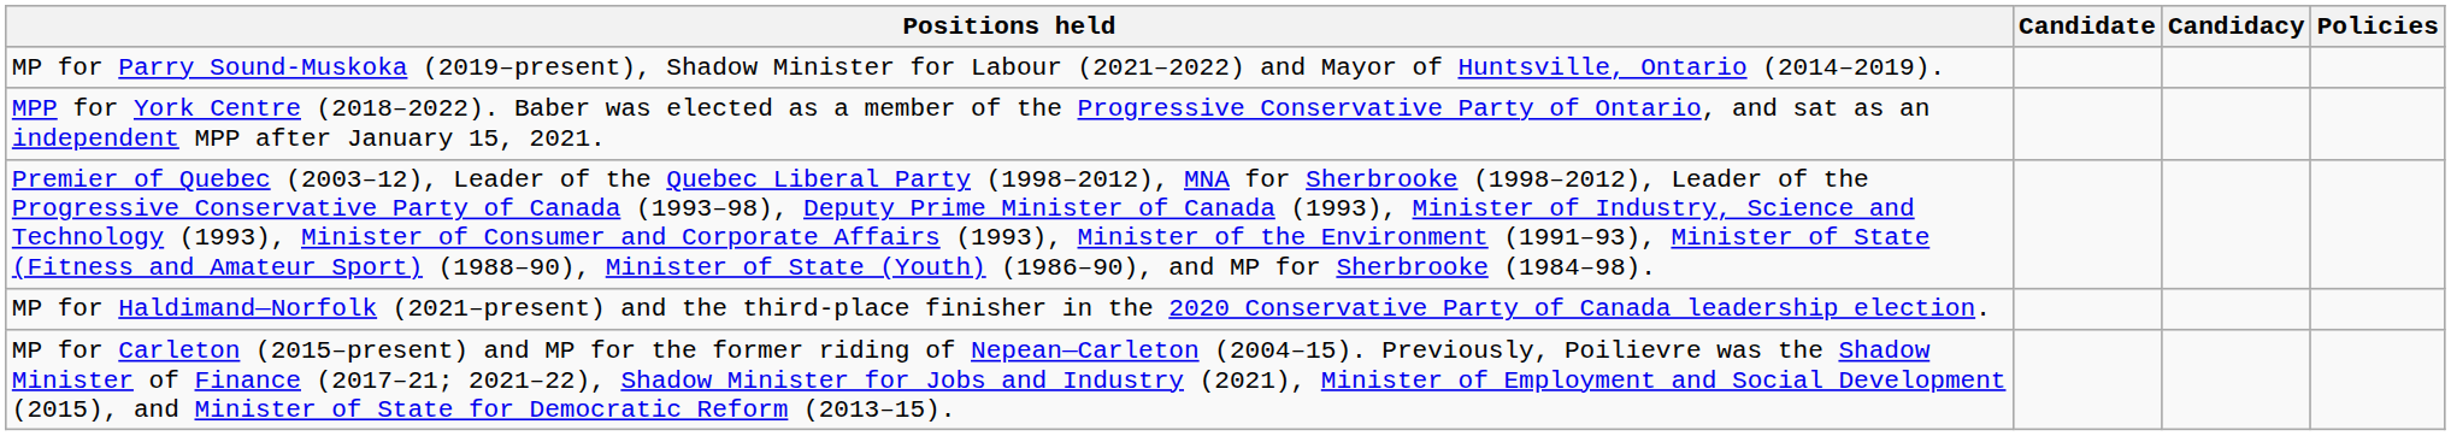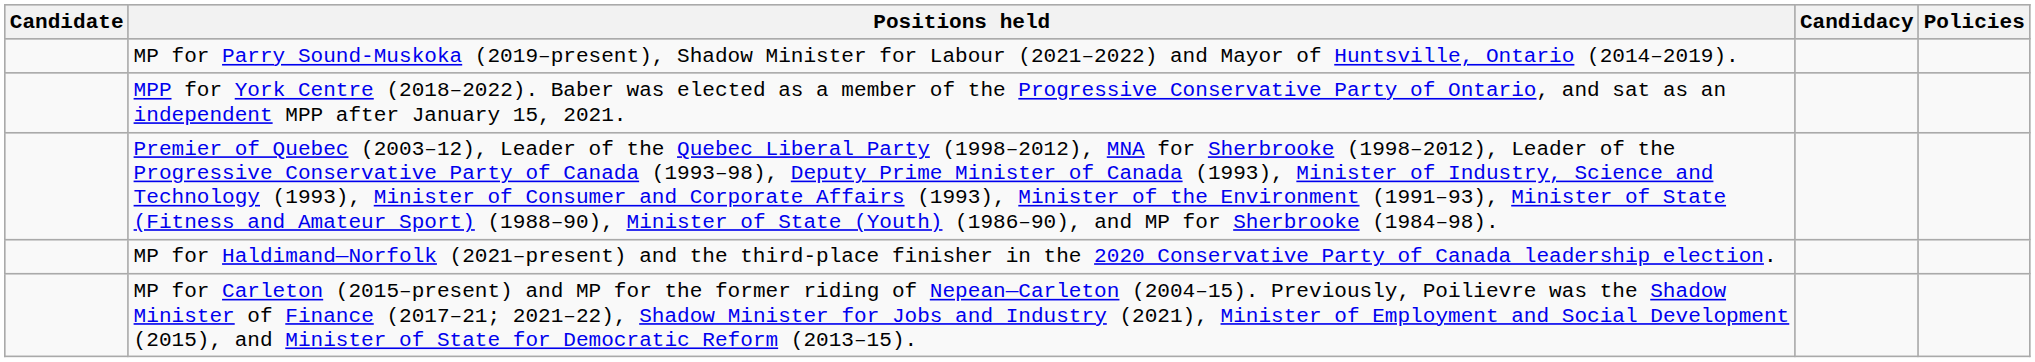 <table class="wikitable">
 <tr>
+<th>Candidate</th>
 <th>Positions held</th>
-<th>Candidate</th>
 <th>Candidacy</th>
 <th>Policies</th>
 </tr>
 <tr valign="top">
+<td><br><strong></strong></td>
 <td>MP for <a href='#'>Parry Sound-Muskoka</a> (2019–present), Shadow Minister for Labour (2021–2022) and Mayor of <a href='#'>Huntsville, Ontario</a> (2014–2019).</td>
-<td><br><strong></strong></td>
 <td><br></td>
 <td><br></td>
 </tr>
 <tr valign="top">
+<td><br><strong></strong></td>
 <td><a href='#'>MPP</a> for <a href='#'>York Centre</a> (2018–2022). Baber was elected as a member of the <a href='#'>Progressive Conservative Party of Ontario</a>, and sat as an <a href='#'>independent</a> MPP after January 15, 2021.</td>
-<td><br><strong></strong></td>
 <td><br></td>
 <td><br></td>
 </tr>
 <tr valign="top">
+<td><br><strong></strong></td>
 <td><a href='#'>Premier of Quebec</a> (2003–12), Leader of the <a href='#'>Quebec Liberal Party</a> (1998–2012), <a href='#'>MNA</a> for <a href='#'>Sherbrooke</a> (1998–2012), Leader of the <a href='#'>Progressive Conservative Party of Canada</a> (1993–98), <a href='#'>Deputy Prime Minister of Canada</a> (1993), <a href='#'>Minister of Industry, Science and Technology</a> (1993), <a href='#'>Minister of Consumer and Corporate Affairs</a> (1993), <a href='#'>Minister of the Environment</a> (1991–93), <a href='#'>Minister of State (Fitness and Amateur Sport)</a> (1988–90), <a href='#'>Minister of State (Youth)</a> (1986–90), and MP for <a href='#'>Sherbrooke</a> (1984–98).</td>
-<td><br><strong></strong></td>
 <td><br></td>
 <td><br></td>
 </tr>
 <tr valign="top">
+<td><br><strong></strong></td>
 <td>MP for <a href='#'>Haldimand—Norfolk</a> (2021–present) and the third-place finisher in the <a href='#'>2020 Conservative Party of Canada leadership election</a>.</td>
-<td><br><strong></strong></td>
 <td><br></td>
 <td><br></td>
 </tr>
 <tr valign="top">
+<td><br><strong></strong></td>
 <td>MP for <a href='#'>Carleton</a> (2015–present) and MP for the former riding of <a href='#'>Nepean—Carleton</a> (2004–15). Previously, Poilievre was the <a href='#'>Shadow Minister</a> of <a href='#'>Finance</a> (2017–21; 2021–22), <a href='#'>Shadow Minister for Jobs and Industry</a> (2021), <a href='#'>Minister of Employment and Social Development</a> (2015), and <a href='#'>Minister of State for Democratic Reform</a> (2013–15).</td>
-<td><br><strong></strong></td>
 <td><br></td>
 <td><br></td>
 </tr>
 </table>
